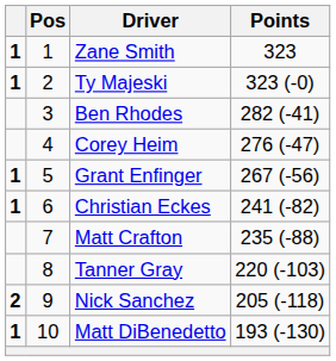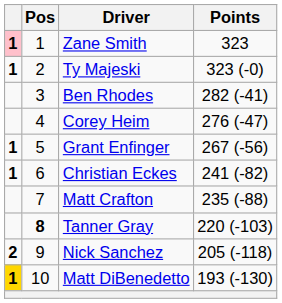 <table class="wikitable" style="font-size: 95%;">
 <tr>
 <th></th>
 <th>Pos</th>
 <th>Driver</th>
 <th>Points</th>
 </tr>
 <tr>
-<td align="left"> <strong>1</strong></td>
+<td align="left" style="background: pink;"> <strong>1</strong></td>
 <td style="text-align:center;">1</td>
 <td><a href='#'>Zane Smith</a></td>
 <td style="text-align:center;">323</td>
 </tr>
 <tr>
 <td align="left"> <strong>1</strong></td>
 <td style="text-align:center;">2</td>
 <td><a href='#'>Ty Majeski</a></td>
 <td style="text-align:center;">323 (-0)</td>
 </tr>
 <tr>
 <td align="left"></td>
 <td style="text-align:center;">3</td>
 <td><a href='#'>Ben Rhodes</a></td>
 <td style="text-align:center;">282 (-41)</td>
 </tr>
 <tr>
 <td align="left"></td>
 <td style="text-align:center;">4</td>
 <td><a href='#'>Corey Heim</a></td>
 <td style="text-align:center;">276 (-47)</td>
 </tr>
 <tr>
 <td align="left"> <strong>1</strong></td>
 <td style="text-align:center;">5</td>
 <td><a href='#'>Grant Enfinger</a></td>
 <td style="text-align:center;">267 (-56)</td>
 </tr>
 <tr>
 <td align="left"> <strong>1</strong></td>
 <td style="text-align:center;">6</td>
 <td><a href='#'>Christian Eckes</a></td>
 <td style="text-align:center;">241 (-82)</td>
 </tr>
 <tr>
 <td align="left"></td>
 <td style="text-align:center;">7</td>
 <td><a href='#'>Matt Crafton</a></td>
 <td style="text-align:center;">235 (-88)</td>
 </tr>
 <tr>
 <td align="left"></td>
-<td style="text-align:center;">8</td>
+<td style="text-align:center;"><strong>8</strong></td>
 <td><a href='#'>Tanner Gray</a></td>
 <td style="text-align:center;">220 (-103)</td>
 </tr>
 <tr>
 <td align="left"> <strong>2</strong></td>
 <td style="text-align:center;">9</td>
 <td><a href='#'>Nick Sanchez</a></td>
 <td style="text-align:center;">205 (-118)</td>
 </tr>
 <tr>
-<td align="left"> <strong>1</strong></td>
+<td align="left" style="background: gold;"> <strong>1</strong></td>
 <td style="text-align:center;">10</td>
 <td><a href='#'>Matt DiBenedetto</a></td>
 <td style="text-align:center;">193 (-130)</td>
 </tr>
 <tr class="sortbottom">
 <th colspan="9"></th>
 </tr>
 </table>
